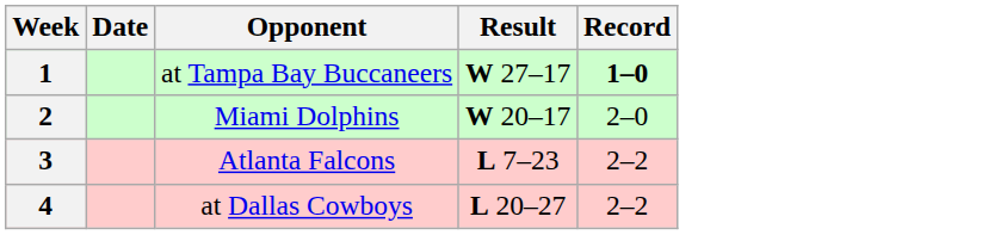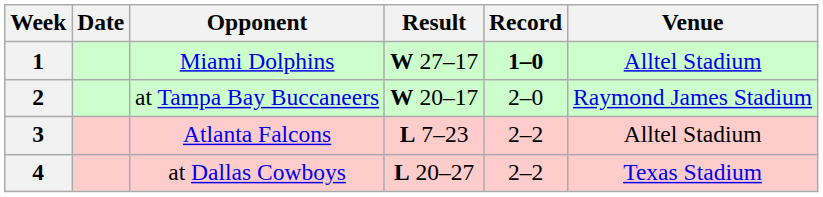 <table class="wikitable" style="text-align:center">
 <tr>
 <th>Week</th>
 <th>Date</th>
 <th>Opponent</th>
 <th>Result</th>
 <th>Record</th>
+<th>Venue</th>
 </tr>
 <tr style="background:#cfc">
 <th>1</th>
 <td></td>
-<td>at <a href='#'>Tampa Bay Buccaneers</a></td>
+<td><a href='#'>Miami Dolphins</a></td>
 <td><strong>W</strong> 27–17</td>
 <td><strong>1–0</strong></td>
+<td><a href='#'>Alltel Stadium</a></td>
 </tr>
 <tr style="background:#cfc">
 <th>2</th>
 <td></td>
-<td><a href='#'>Miami Dolphins</a></td>
+<td>at <a href='#'>Tampa Bay Buccaneers</a></td>
 <td><strong>W</strong> 20–17</td>
 <td>2–0</td>
+<td><a href='#'>Raymond James Stadium</a></td>
 </tr>
 <tr style="background:#fcc">
 <th>3</th>
 <td></td>
 <td><a href='#'>Atlanta Falcons</a></td>
 <td><strong>L</strong> 7–23</td>
 <td>2–2</td>
+<td>Alltel Stadium</td>
 </tr>
 <tr style="background:#fcc">
 <th>4</th>
 <td></td>
 <td>at <a href='#'>Dallas Cowboys</a></td>
 <td><strong>L</strong> 20–27</td>
 <td>2–2</td>
+<td><a href='#'>Texas Stadium</a></td>
 </tr>
 </table>
